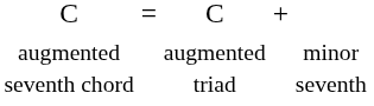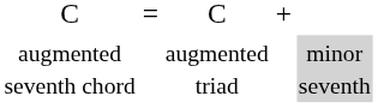 <table style="text-align: center;">
 <tr>
 <td>C</td>
 <td>=</td>
 <td>C</td>
 <td>+</td>
 <td></td>
 </tr>
 <tr>
 <td><small>augmented<br>seventh chord</small></td>
 <td></td>
 <td><small>augmented<br>triad</small></td>
 <td></td>
-<td><small>minor<br>seventh</small></td>
+<td style="background: lightgrey;"><small>minor<br>seventh</small></td>
 </tr>
 </table>
